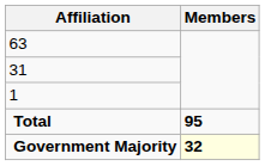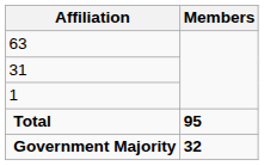 <table class="wikitable">
 <tr>
 <th colspan="2">Affiliation</th>
 <th>Members</th>
 </tr>
 <tr>
 <td>63</td>
 </tr>
 <tr>
 <td>31</td>
 </tr>
 <tr>
 <td>1</td>
 </tr>
 <tr>
 <td colspan="2" style="text-align:left;"> <strong>Total</strong><br></td>
 <td><strong>95</strong></td>
 </tr>
 <tr>
 <td colspan="2" style="text-align:left;"> <strong>Government Majority</strong><br></td>
-<td style="background: lightyellow;"><strong>32</strong></td>
+<td><strong>32</strong></td>
 </tr>
 </table>
